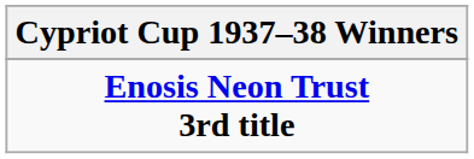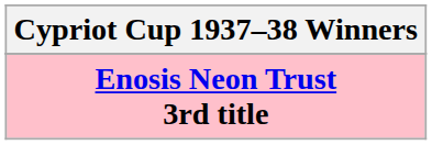 <table class="wikitable" style="text-align:center;margin: 0 auto;">
 <tr>
 <th>Cypriot Cup 1937–38 Winners</th>
 </tr>
 <tr>
 </tr>
 <tr>
-<td><strong><a href='#'>Enosis Neon Trust</a></strong><br><strong>3rd title</strong></td>
+<td style="background: pink;"><strong><a href='#'>Enosis Neon Trust</a></strong><br><strong>3rd title</strong></td>
 </tr>
 </table>
